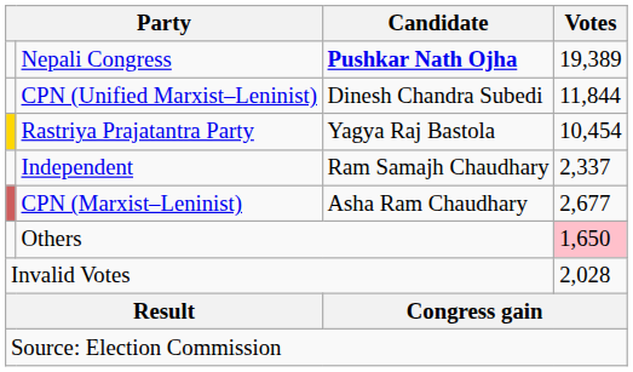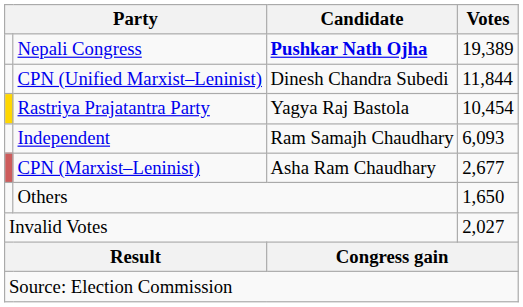 <table class="wikitable">
 <tr>
 <th colspan="2">Party</th>
 <th>Candidate</th>
 <th>Votes</th>
 </tr>
 <tr>
 <td style="background-color:"></td>
 <td><a href='#'>Nepali Congress</a></td>
 <td><strong><a href='#'>Pushkar Nath Ojha</a></strong></td>
 <td>19,389</td>
 </tr>
 <tr>
 <td style="background-color:"></td>
 <td><a href='#'>CPN (Unified Marxist–Leninist)</a></td>
 <td>Dinesh Chandra Subedi</td>
 <td>11,844</td>
 </tr>
 <tr>
 <td style="background-color:gold"></td>
 <td><a href='#'>Rastriya Prajatantra Party</a></td>
 <td>Yagya Raj Bastola</td>
 <td>10,454</td>
 </tr>
 <tr>
 <td style="background-color:"></td>
 <td><a href='#'>Independent</a></td>
 <td>Ram Samajh Chaudhary</td>
-<td>2,337</td>
+<td>6,093</td>
 </tr>
 <tr>
 <td style="background-color:indianred"></td>
 <td><a href='#'>CPN (Marxist–Leninist)</a></td>
 <td>Asha Ram Chaudhary</td>
 <td>2,677</td>
 </tr>
 <tr>
 <td></td>
 <td colspan="2">Others</td>
-<td style="background: pink;">1,650</td>
+<td>1,650</td>
 </tr>
 <tr>
 <td colspan="3">Invalid Votes</td>
-<td>2,028</td>
+<td>2,027</td>
 </tr>
 <tr>
 <th colspan="2">Result</th>
 <th colspan="2">Congress gain</th>
 </tr>
 <tr>
 <td colspan="4">Source: Election Commission</td>
 </tr>
 </table>
